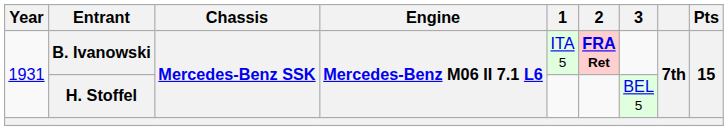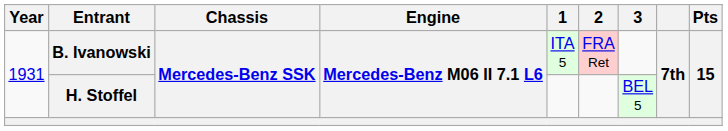 <table class="wikitable" style="text-align:center; font-size:90%">
 <tr>
 <th>Year</th>
 <th>Entrant</th>
 <th>Chassis</th>
 <th>Engine</th>
 <th>1</th>
 <th>2</th>
 <th>3</th>
 <th></th>
 <th>Pts</th>
 </tr>
 <tr>
 <td rowspan=2><a href='#'>1931</a></td>
 <th>B. Ivanowski</th>
 <th rowspan=2><a href='#'>Mercedes-Benz SSK</a></th>
 <th rowspan=2><a href='#'>Mercedes-Benz</a> M06 II  7.1 <a href='#'>L6</a></th>
 <td style="background:#dfffdf;"><a href='#'>ITA</a><br><small>5</small></td>
-<td style="background:#ffcfcf;"><strong><a href='#'>FRA</a><br><small>Ret</small></strong></td>
+<td style="background:#ffcfcf;"><a href='#'>FRA</a><br><small>Ret</small></td>
 <td></td>
 <th rowspan=2>7th</th>
 <th rowspan=2>15</th>
 </tr>
 <tr>
 <th>H. Stoffel</th>
 <td></td>
 <td></td>
 <td style="background:#dfffdf;"><a href='#'>BEL</a><br><small>5</small></td>
 </tr>
 <tr>
 <th colspan=9></th>
 </tr>
 </table>
